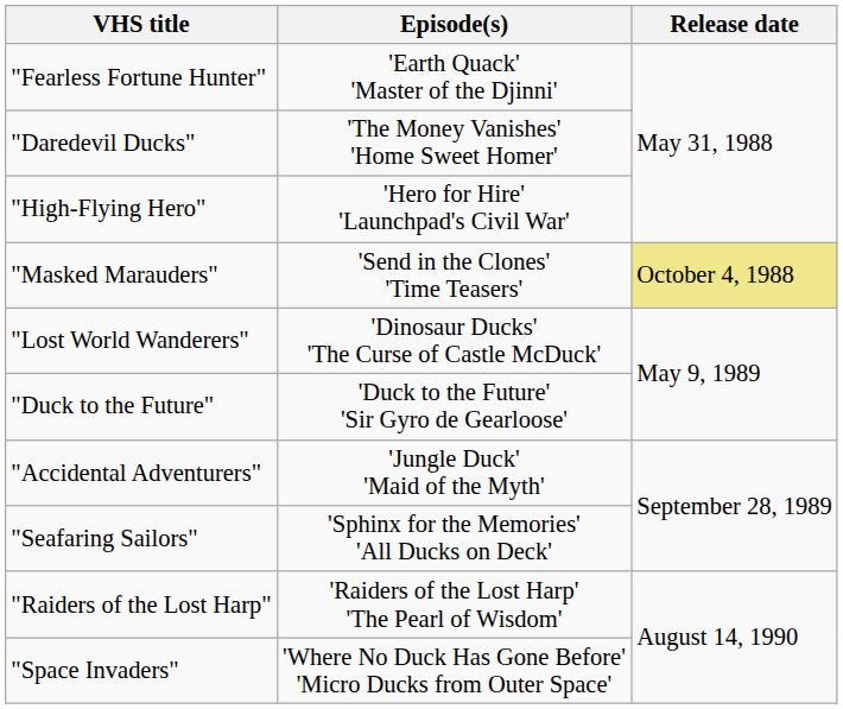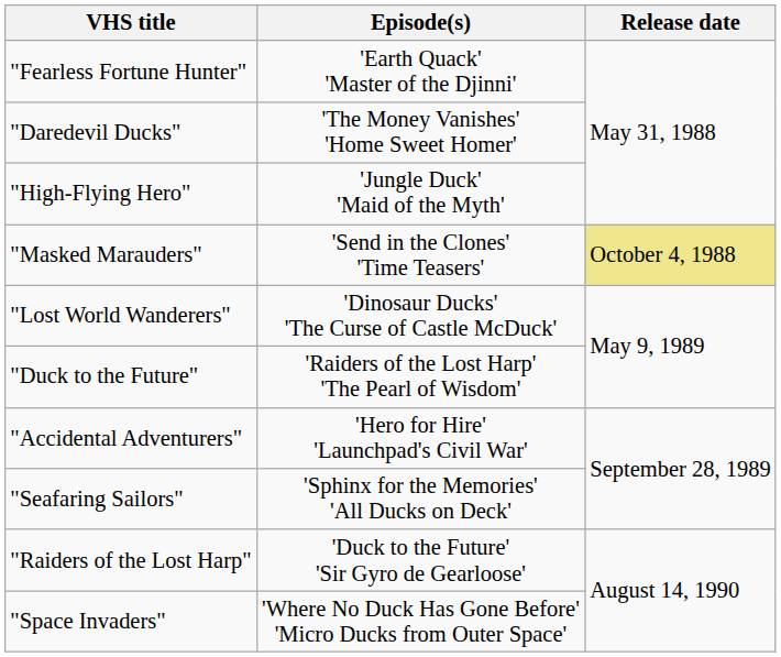 <table class="wikitable">
 <tr>
 <th>VHS title</th>
 <th>Episode(s)</th>
 <th>Release date</th>
 </tr>
 <tr>
 <td>"Fearless Fortune Hunter"</td>
 <td style="text-align:center;">'Earth Quack'<br>'Master of the Djinni'</td>
 <td rowspan="3">May 31, 1988</td>
 </tr>
 <tr>
 <td>"Daredevil Ducks"</td>
 <td style="text-align:center;">'The Money Vanishes'<br>'Home Sweet Homer'</td>
 </tr>
 <tr>
 <td>"High-Flying Hero"</td>
-<td style="text-align:center;">'Hero for Hire'<br>'Launchpad's Civil War'</td>
+<td style="text-align:center;">'Jungle Duck'<br>'Maid of the Myth'</td>
 </tr>
 <tr>
 <td>"Masked Marauders"</td>
 <td style="text-align:center;">'Send in the Clones'<br>'Time Teasers'</td>
 <td style="background: khaki;">October 4, 1988</td>
 </tr>
 <tr>
 <td>"Lost World Wanderers"</td>
 <td style="text-align:center;">'Dinosaur Ducks'<br>'The Curse of Castle McDuck'</td>
 <td rowspan="2">May 9, 1989</td>
 </tr>
 <tr>
 <td>"Duck to the Future"</td>
-<td style="text-align:center;">'Duck to the Future'<br>'Sir Gyro de Gearloose'</td>
+<td style="text-align:center;">'Raiders of the Lost Harp'<br>'The Pearl of Wisdom'</td>
 </tr>
 <tr>
 <td>"Accidental Adventurers"</td>
-<td style="text-align:center;">'Jungle Duck'<br>'Maid of the Myth'</td>
+<td style="text-align:center;">'Hero for Hire'<br>'Launchpad's Civil War'</td>
 <td rowspan="2">September 28, 1989</td>
 </tr>
 <tr>
 <td>"Seafaring Sailors"</td>
 <td style="text-align:center;">'Sphinx for the Memories'<br>'All Ducks on Deck'</td>
 </tr>
 <tr>
 <td>"Raiders of the Lost Harp"</td>
-<td style="text-align:center;">'Raiders of the Lost Harp'<br>'The Pearl of Wisdom'</td>
+<td style="text-align:center;">'Duck to the Future'<br>'Sir Gyro de Gearloose'</td>
 <td rowspan="2">August 14, 1990</td>
 </tr>
 <tr>
 <td>"Space Invaders"</td>
 <td style="text-align:center;">'Where No Duck Has Gone Before'<br>'Micro Ducks from Outer Space'</td>
 </tr>
 </table>
